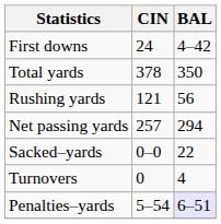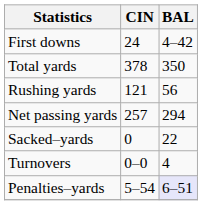 <table class="wikitable" style="float: left;">
 <tr>
 <th>Statistics</th>
 <th>CIN</th>
 <th>BAL</th>
 </tr>
 <tr>
 <td>First downs</td>
 <td>24</td>
 <td>4–42</td>
 </tr>
 <tr>
 <td>Total yards</td>
 <td>378</td>
 <td>350</td>
 </tr>
 <tr>
 <td>Rushing yards</td>
 <td>121</td>
 <td>56</td>
 </tr>
 <tr>
 <td>Net passing yards</td>
 <td>257</td>
 <td>294</td>
 </tr>
 <tr>
 <td>Sacked–yards</td>
-<td>0–0</td>
+<td>0</td>
 <td>22</td>
 </tr>
 <tr>
 <td>Turnovers</td>
-<td>0</td>
+<td>0–0</td>
 <td>4</td>
 </tr>
 <tr>
 <td>Penalties–yards</td>
 <td>5–54</td>
 <td style="background: lavender;">6–51</td>
 </tr>
 <tr>
 </tr>
 </table>
